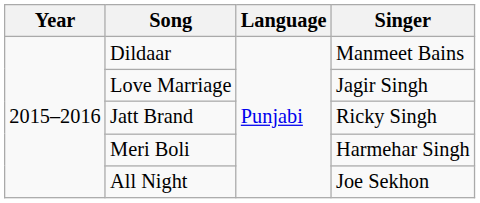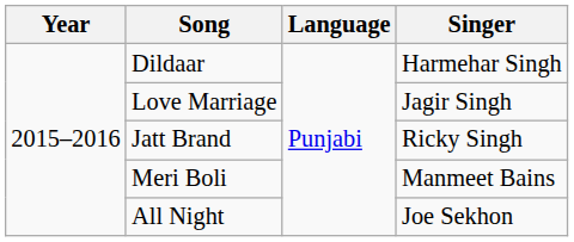 <table class="wikitable">
 <tr>
 <th>Year</th>
 <th>Song</th>
 <th>Language</th>
 <th>Singer</th>
 </tr>
 <tr>
 <td rowspan="5">2015–2016</td>
 <td>Dildaar</td>
 <td rowspan="5"><a href='#'>Punjabi</a></td>
-<td>Manmeet Bains</td>
+<td>Harmehar Singh</td>
 </tr>
 <tr>
 <td>Love Marriage</td>
 <td>Jagir Singh</td>
 </tr>
 <tr>
 <td>Jatt Brand</td>
 <td>Ricky Singh</td>
 </tr>
 <tr>
 <td>Meri Boli</td>
-<td>Harmehar Singh</td>
+<td>Manmeet Bains</td>
 </tr>
 <tr>
 <td>All Night</td>
 <td>Joe Sekhon</td>
 </tr>
 </table>
